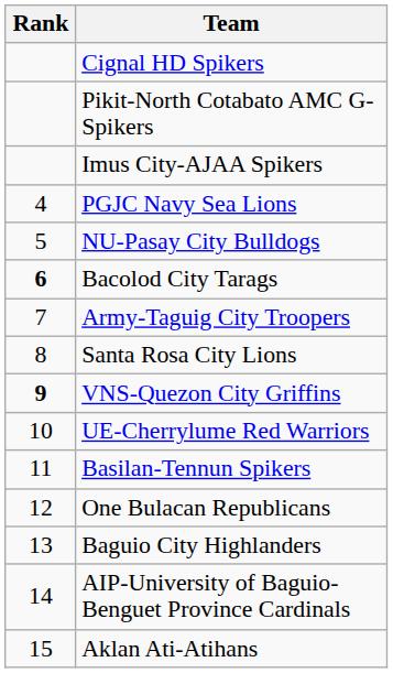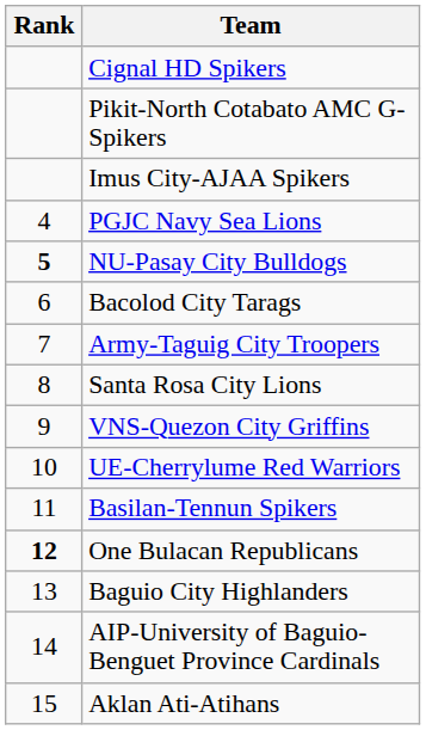 <table class="wikitable" style="text-align:center;">
 <tr>
 <th width=40>Rank</th>
 <th width=200>Team</th>
 </tr>
 <tr>
 <td></td>
 <td style="text-align:left;"><a href='#'>Cignal HD Spikers</a></td>
 </tr>
 <tr>
 <td></td>
 <td style="text-align:left;">Pikit-North Cotabato AMC G-Spikers</td>
 </tr>
 <tr>
 <td></td>
 <td style="text-align:left;">Imus City-AJAA Spikers</td>
 </tr>
 <tr>
 <td>4</td>
 <td style="text-align:left;"><a href='#'>PGJC Navy Sea Lions</a></td>
 </tr>
 <tr>
-<td>5</td>
+<td><strong>5</strong></td>
 <td style="text-align:left;"><a href='#'>NU-Pasay City Bulldogs</a></td>
 </tr>
 <tr>
-<td><strong>6</strong></td>
+<td>6</td>
 <td style="text-align:left;">Bacolod City Tarags</td>
 </tr>
 <tr>
 <td>7</td>
 <td style="text-align:left;"><a href='#'>Army-Taguig City Troopers</a></td>
 </tr>
 <tr>
 <td>8</td>
 <td style="text-align:left;">Santa Rosa City Lions</td>
 </tr>
 <tr>
-<td><strong>9</strong></td>
+<td>9</td>
 <td style="text-align:left;"><a href='#'>VNS-Quezon City Griffins</a></td>
 </tr>
 <tr>
 <td>10</td>
 <td style="text-align:left;"><a href='#'>UE-Cherrylume Red Warriors</a></td>
 </tr>
 <tr>
 <td>11</td>
 <td style="text-align:left;"><a href='#'>Basilan-Tennun Spikers</a></td>
 </tr>
 <tr>
-<td>12</td>
+<td><strong>12</strong></td>
 <td style="text-align:left;">One Bulacan Republicans</td>
 </tr>
 <tr>
 <td>13</td>
 <td style="text-align:left;">Baguio City Highlanders</td>
 </tr>
 <tr>
 <td>14</td>
 <td style="text-align:left;">AIP-University of Baguio-Benguet Province Cardinals</td>
 </tr>
 <tr>
 <td>15</td>
 <td style="text-align:left;">Aklan Ati-Atihans</td>
 </tr>
 </table>
